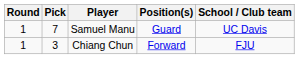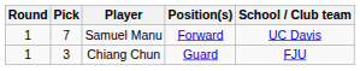 <table class="wikitable sortable sortable">
 <tr>
 <th>Round</th>
 <th>Pick</th>
 <th>Player</th>
 <th>Position(s)</th>
 <th>School / Club team</th>
 </tr>
 <tr style="text-align: center">
 <td>1</td>
 <td>7</td>
 <td>Samuel Manu</td>
-<td><a href='#'>Guard</a></td>
+<td><a href='#'>Forward</a></td>
 <td><a href='#'>UC Davis</a></td>
 </tr>
 <tr style="text-align: center">
 <td>1</td>
 <td>3</td>
 <td>Chiang Chun</td>
-<td><a href='#'>Forward</a></td>
+<td><a href='#'>Guard</a></td>
 <td><a href='#'>FJU</a></td>
 </tr>
 </table>
